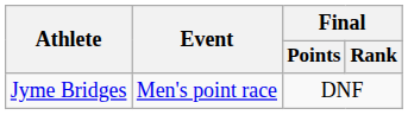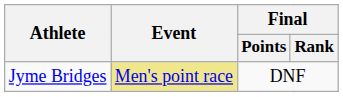 <table class="wikitable" style="font-size:90%;">
 <tr>
 <th rowspan=2>Athlete</th>
 <th rowspan=2>Event</th>
 <th colspan=2>Final</th>
 </tr>
 <tr style="font-size:95%">
 <th>Points</th>
 <th>Rank</th>
 </tr>
 <tr align=center>
 <td align=left><a href='#'>Jyme Bridges</a></td>
-<td align=left rowspan=1><a href='#'>Men's point race</a></td>
+<td align=left rowspan=1 style="background: khaki;"><a href='#'>Men's point race</a></td>
 <td colspan=2>DNF</td>
 </tr>
 </table>
